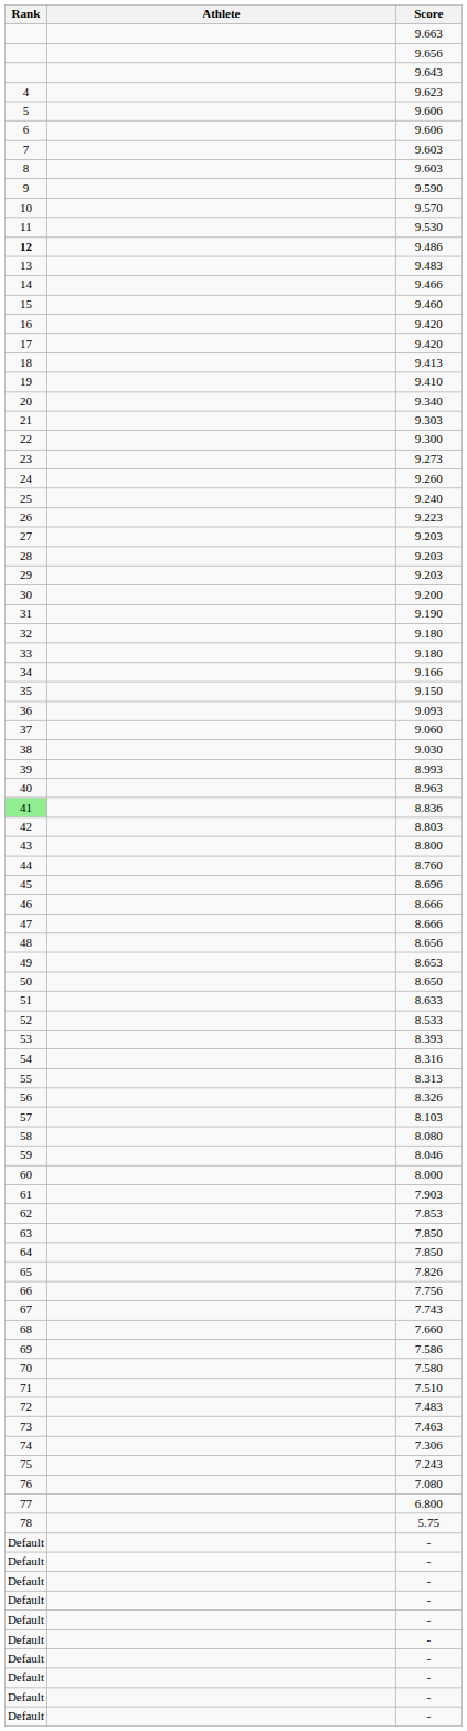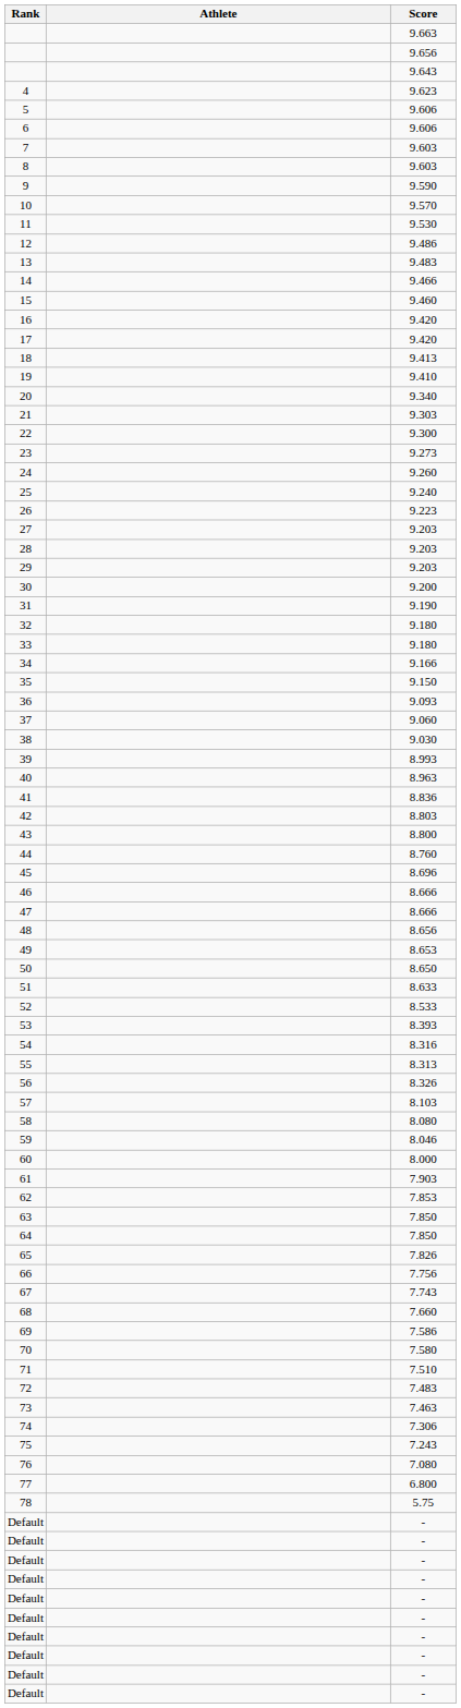 <table class=wikitable style="text-align:center">
 <tr>
 <th width=40>Rank</th>
 <th width=450>Athlete</th>
 <th width=80>Score</th>
 </tr>
 <tr>
 <td></td>
 <td align=left></td>
 <td>9.663</td>
 </tr>
 <tr>
 <td></td>
 <td align=left></td>
 <td>9.656</td>
 </tr>
 <tr>
 <td></td>
 <td align=left></td>
 <td>9.643</td>
 </tr>
 <tr>
 <td>4</td>
 <td align=left></td>
 <td>9.623</td>
 </tr>
 <tr>
 <td>5</td>
 <td align=left></td>
 <td>9.606</td>
 </tr>
 <tr>
 <td>6</td>
 <td align=left></td>
 <td>9.606</td>
 </tr>
 <tr>
 <td>7</td>
 <td align=left></td>
 <td>9.603</td>
 </tr>
 <tr>
 <td>8</td>
 <td align=left></td>
 <td>9.603</td>
 </tr>
 <tr>
 <td>9</td>
 <td align=left></td>
 <td>9.590</td>
 </tr>
 <tr>
 <td>10</td>
 <td align=left></td>
 <td>9.570</td>
 </tr>
 <tr>
 <td>11</td>
 <td align=left></td>
 <td>9.530</td>
 </tr>
 <tr>
-<td><strong>12</strong></td>
+<td>12</td>
 <td align=left></td>
 <td>9.486</td>
 </tr>
 <tr>
 <td>13</td>
 <td align=left></td>
 <td>9.483</td>
 </tr>
 <tr>
 <td>14</td>
 <td align=left></td>
 <td>9.466</td>
 </tr>
 <tr>
 <td>15</td>
 <td align=left></td>
 <td>9.460</td>
 </tr>
 <tr>
 <td>16</td>
 <td align=left></td>
 <td>9.420</td>
 </tr>
 <tr>
 <td>17</td>
 <td align=left></td>
 <td>9.420</td>
 </tr>
 <tr>
 <td>18</td>
 <td align=left></td>
 <td>9.413</td>
 </tr>
 <tr>
 <td>19</td>
 <td align=left></td>
 <td>9.410</td>
 </tr>
 <tr>
 <td>20</td>
 <td align=left></td>
 <td>9.340</td>
 </tr>
 <tr>
 <td>21</td>
 <td align=left></td>
 <td>9.303</td>
 </tr>
 <tr>
 <td>22</td>
 <td align=left></td>
 <td>9.300</td>
 </tr>
 <tr>
 <td>23</td>
 <td align=left></td>
 <td>9.273</td>
 </tr>
 <tr>
 <td>24</td>
 <td align=left></td>
 <td>9.260</td>
 </tr>
 <tr>
 <td>25</td>
 <td align=left></td>
 <td>9.240</td>
 </tr>
 <tr>
 <td>26</td>
 <td align=left></td>
 <td>9.223</td>
 </tr>
 <tr>
 <td>27</td>
 <td align=left></td>
 <td>9.203</td>
 </tr>
 <tr>
 <td>28</td>
 <td align=left></td>
 <td>9.203</td>
 </tr>
 <tr>
 <td>29</td>
 <td align=left></td>
 <td>9.203</td>
 </tr>
 <tr>
 <td>30</td>
 <td align=left></td>
 <td>9.200</td>
 </tr>
 <tr>
 <td>31</td>
 <td align=left></td>
 <td>9.190</td>
 </tr>
 <tr>
 <td>32</td>
 <td align=left></td>
 <td>9.180</td>
 </tr>
 <tr>
 <td>33</td>
 <td align=left></td>
 <td>9.180</td>
 </tr>
 <tr>
 <td>34</td>
 <td align=left></td>
 <td>9.166</td>
 </tr>
 <tr>
 <td>35</td>
 <td align=left></td>
 <td>9.150</td>
 </tr>
 <tr>
 <td>36</td>
 <td align=left></td>
 <td>9.093</td>
 </tr>
 <tr>
 <td>37</td>
 <td align=left></td>
 <td>9.060</td>
 </tr>
 <tr>
 <td>38</td>
 <td align=left></td>
 <td>9.030</td>
 </tr>
 <tr>
 <td>39</td>
 <td align=left></td>
 <td>8.993</td>
 </tr>
 <tr>
 <td>40</td>
 <td align=left></td>
 <td>8.963</td>
 </tr>
 <tr>
-<td style="background: lightgreen;">41</td>
+<td>41</td>
 <td align=left></td>
 <td>8.836</td>
 </tr>
 <tr>
 <td>42</td>
 <td align=left></td>
 <td>8.803</td>
 </tr>
 <tr>
 <td>43</td>
 <td align=left></td>
 <td>8.800</td>
 </tr>
 <tr>
 <td>44</td>
 <td align=left></td>
 <td>8.760</td>
 </tr>
 <tr>
 <td>45</td>
 <td align=left></td>
 <td>8.696</td>
 </tr>
 <tr>
 <td>46</td>
 <td align=left></td>
 <td>8.666</td>
 </tr>
 <tr>
 <td>47</td>
 <td align=left></td>
 <td>8.666</td>
 </tr>
 <tr>
 <td>48</td>
 <td align=left></td>
 <td>8.656</td>
 </tr>
 <tr>
 <td>49</td>
 <td align=left></td>
 <td>8.653</td>
 </tr>
 <tr>
 <td>50</td>
 <td align=left></td>
 <td>8.650</td>
 </tr>
 <tr>
 <td>51</td>
 <td align=left></td>
 <td>8.633</td>
 </tr>
 <tr>
 <td>52</td>
 <td align=left></td>
 <td>8.533</td>
 </tr>
 <tr>
 <td>53</td>
 <td align=left></td>
 <td>8.393</td>
 </tr>
 <tr>
 <td>54</td>
 <td align=left></td>
 <td>8.316</td>
 </tr>
 <tr>
 <td>55</td>
 <td align=left></td>
 <td>8.313</td>
 </tr>
 <tr>
 <td>56</td>
 <td align=left></td>
 <td>8.326</td>
 </tr>
 <tr>
 <td>57</td>
 <td align=left></td>
 <td>8.103</td>
 </tr>
 <tr>
 <td>58</td>
 <td align=left></td>
 <td>8.080</td>
 </tr>
 <tr>
 <td>59</td>
 <td align=left></td>
 <td>8.046</td>
 </tr>
 <tr>
 <td>60</td>
 <td align=left></td>
 <td>8.000</td>
 </tr>
 <tr>
 <td>61</td>
 <td align=left></td>
 <td>7.903</td>
 </tr>
 <tr>
 <td>62</td>
 <td align=left></td>
 <td>7.853</td>
 </tr>
 <tr>
 <td>63</td>
 <td align=left></td>
 <td>7.850</td>
 </tr>
 <tr>
 <td>64</td>
 <td align=left></td>
 <td>7.850</td>
 </tr>
 <tr>
 <td>65</td>
 <td align=left></td>
 <td>7.826</td>
 </tr>
 <tr>
 <td>66</td>
 <td align=left></td>
 <td>7.756</td>
 </tr>
 <tr>
 <td>67</td>
 <td align=left></td>
 <td>7.743</td>
 </tr>
 <tr>
 <td>68</td>
 <td align=left></td>
 <td>7.660</td>
 </tr>
 <tr>
 <td>69</td>
 <td align=left></td>
 <td>7.586</td>
 </tr>
 <tr>
 <td>70</td>
 <td align=left></td>
 <td>7.580</td>
 </tr>
 <tr>
 <td>71</td>
 <td align=left></td>
 <td>7.510</td>
 </tr>
 <tr>
 <td>72</td>
 <td align=left></td>
 <td>7.483</td>
 </tr>
 <tr>
 <td>73</td>
 <td align=left></td>
 <td>7.463</td>
 </tr>
 <tr>
 <td>74</td>
 <td align=left></td>
 <td>7.306</td>
 </tr>
 <tr>
 <td>75</td>
 <td align=left></td>
 <td>7.243</td>
 </tr>
 <tr>
 <td>76</td>
 <td align=left></td>
 <td>7.080</td>
 </tr>
 <tr>
 <td>77</td>
 <td align=left></td>
 <td>6.800</td>
 </tr>
 <tr>
 <td>78</td>
 <td align=left></td>
 <td>5.75</td>
 </tr>
 <tr>
 <td>Default</td>
 <td align=left></td>
 <td>-</td>
 </tr>
 <tr>
 <td>Default</td>
 <td align=left></td>
 <td>-</td>
 </tr>
 <tr>
 <td>Default</td>
 <td align=left></td>
 <td>-</td>
 </tr>
 <tr>
 <td>Default</td>
 <td align=left></td>
 <td>-</td>
 </tr>
 <tr>
 <td>Default</td>
 <td align=left></td>
 <td>-</td>
 </tr>
 <tr>
 <td>Default</td>
 <td align=left></td>
 <td>-</td>
 </tr>
 <tr>
 <td>Default</td>
 <td align=left></td>
 <td>-</td>
 </tr>
 <tr>
 <td>Default</td>
 <td align=left></td>
 <td>-</td>
 </tr>
 <tr>
 <td>Default</td>
 <td align=left></td>
 <td>-</td>
 </tr>
 <tr>
 <td>Default</td>
 <td align=left></td>
 <td>-</td>
 </tr>
 </table>
